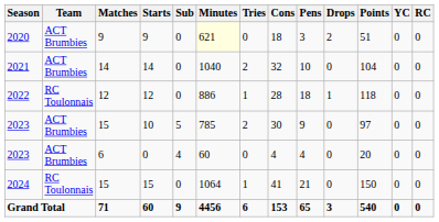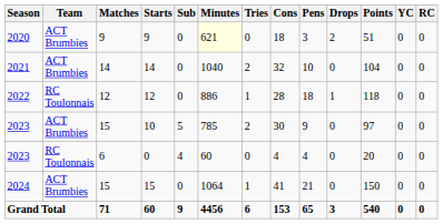 <table class="wikitable">
 <tr>
 <th>Season</th>
 <th>Team</th>
 <th>Matches</th>
 <th>Starts</th>
 <th>Sub</th>
 <th>Minutes</th>
 <th>Tries</th>
 <th>Cons</th>
 <th>Pens</th>
 <th>Drops</th>
 <th>Points</th>
 <th>YC</th>
 <th>RC</th>
 </tr>
 <tr>
 <td><a href='#'>2020</a></td>
 <td><a href='#'>ACT Brumbies</a></td>
 <td>9</td>
 <td>9</td>
 <td>0</td>
 <td style="background: lightyellow;">621</td>
 <td>0</td>
 <td>18</td>
 <td>3</td>
 <td>2</td>
 <td>51</td>
 <td>0</td>
 <td>0</td>
 </tr>
 <tr>
 <td><a href='#'>2021</a></td>
 <td><a href='#'>ACT Brumbies</a></td>
 <td>14</td>
 <td>14</td>
 <td>0</td>
 <td>1040</td>
 <td>2</td>
 <td>32</td>
 <td>10</td>
 <td>0</td>
 <td>104</td>
 <td>0</td>
 <td>0</td>
 </tr>
 <tr>
 <td><a href='#'>2022</a></td>
 <td><a href='#'>RC Toulonnais</a></td>
 <td>12</td>
 <td>12</td>
 <td>0</td>
 <td>886</td>
 <td>1</td>
 <td>28</td>
 <td>18</td>
 <td>1</td>
 <td>118</td>
 <td>0</td>
 <td>0</td>
 </tr>
 <tr>
 <td><a href='#'>2023</a></td>
 <td><a href='#'>ACT Brumbies</a></td>
 <td>15</td>
 <td>10</td>
 <td>5</td>
 <td>785</td>
 <td>2</td>
 <td>30</td>
 <td>9</td>
 <td>0</td>
 <td>97</td>
 <td>0</td>
 <td>0</td>
 </tr>
 <tr>
 <td><a href='#'>2023</a></td>
-<td><a href='#'>ACT Brumbies</a></td>
+<td><a href='#'>RC Toulonnais</a></td>
 <td>6</td>
 <td>0</td>
 <td>4</td>
 <td>60</td>
 <td>0</td>
 <td>4</td>
 <td>4</td>
 <td>0</td>
 <td>20</td>
 <td>0</td>
 <td>0</td>
 </tr>
 <tr>
 <td><a href='#'>2024</a></td>
-<td><a href='#'>RC Toulonnais</a></td>
+<td><a href='#'>ACT Brumbies</a></td>
 <td>15</td>
 <td>15</td>
 <td>0</td>
 <td>1064</td>
 <td>1</td>
 <td>41</td>
 <td>21</td>
 <td>0</td>
 <td>150</td>
 <td>0</td>
 <td>0</td>
 </tr>
 <tr>
 <td colspan="2" rowspan="1"><strong>Grand Total</strong></td>
 <td><strong>71</strong></td>
 <td><strong>60</strong></td>
 <td><strong>9</strong></td>
 <td><strong>4456</strong></td>
 <td><strong>6</strong></td>
 <td><strong>153</strong></td>
 <td><strong>65</strong></td>
 <td><strong>3</strong></td>
 <td><strong>540</strong></td>
 <td><strong>0</strong></td>
 <td><strong>0</strong></td>
 </tr>
 </table>
